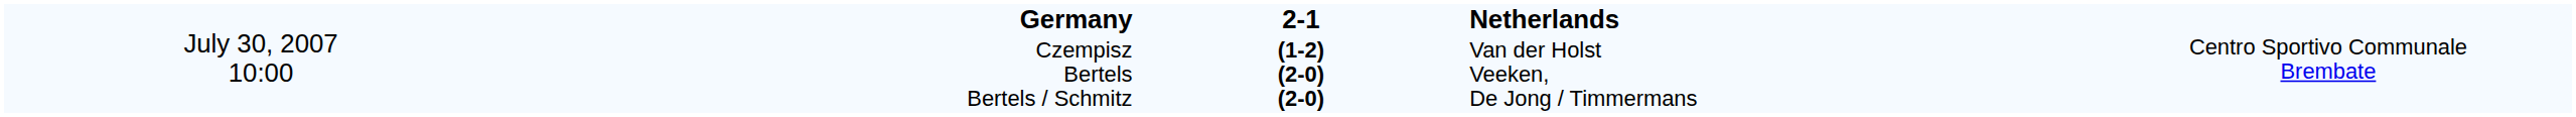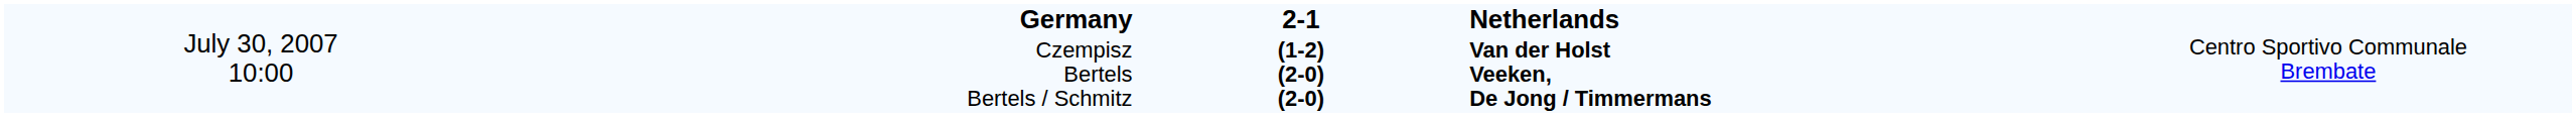 <table style="width: 100%; background:#F5FAFF;" cellspacing="0">
 <tr>
 <td align=center rowspan=3 width=20%>July 30, 2007<br>10:00</td>
 </tr>
 <tr>
 <td width=24% align=right><strong>Germany</strong></td>
 <td align=center width=13%><strong>2-1</strong></td>
 <td width=24%><strong>Netherlands</strong></td>
 <td style=font-size:85% rowspan=3 valign=middle align=center>Centro Sportivo Communale<br><a href='#'>Brembate</a></td>
 </tr>
 <tr style=font-size:85%>
 <td align=right valign=top>Czempisz<br>Bertels<br>Bertels / Schmitz</td>
 <td align=center><strong>(1-2)<br>(2-0)<br>(2-0)</strong></td>
-<td>Van der Holst<br>Veeken,<br>De Jong / Timmermans</td>
+<td><strong>Van der Holst<br>Veeken,<br>De Jong / Timmermans</strong></td>
 </tr>
 </table>
